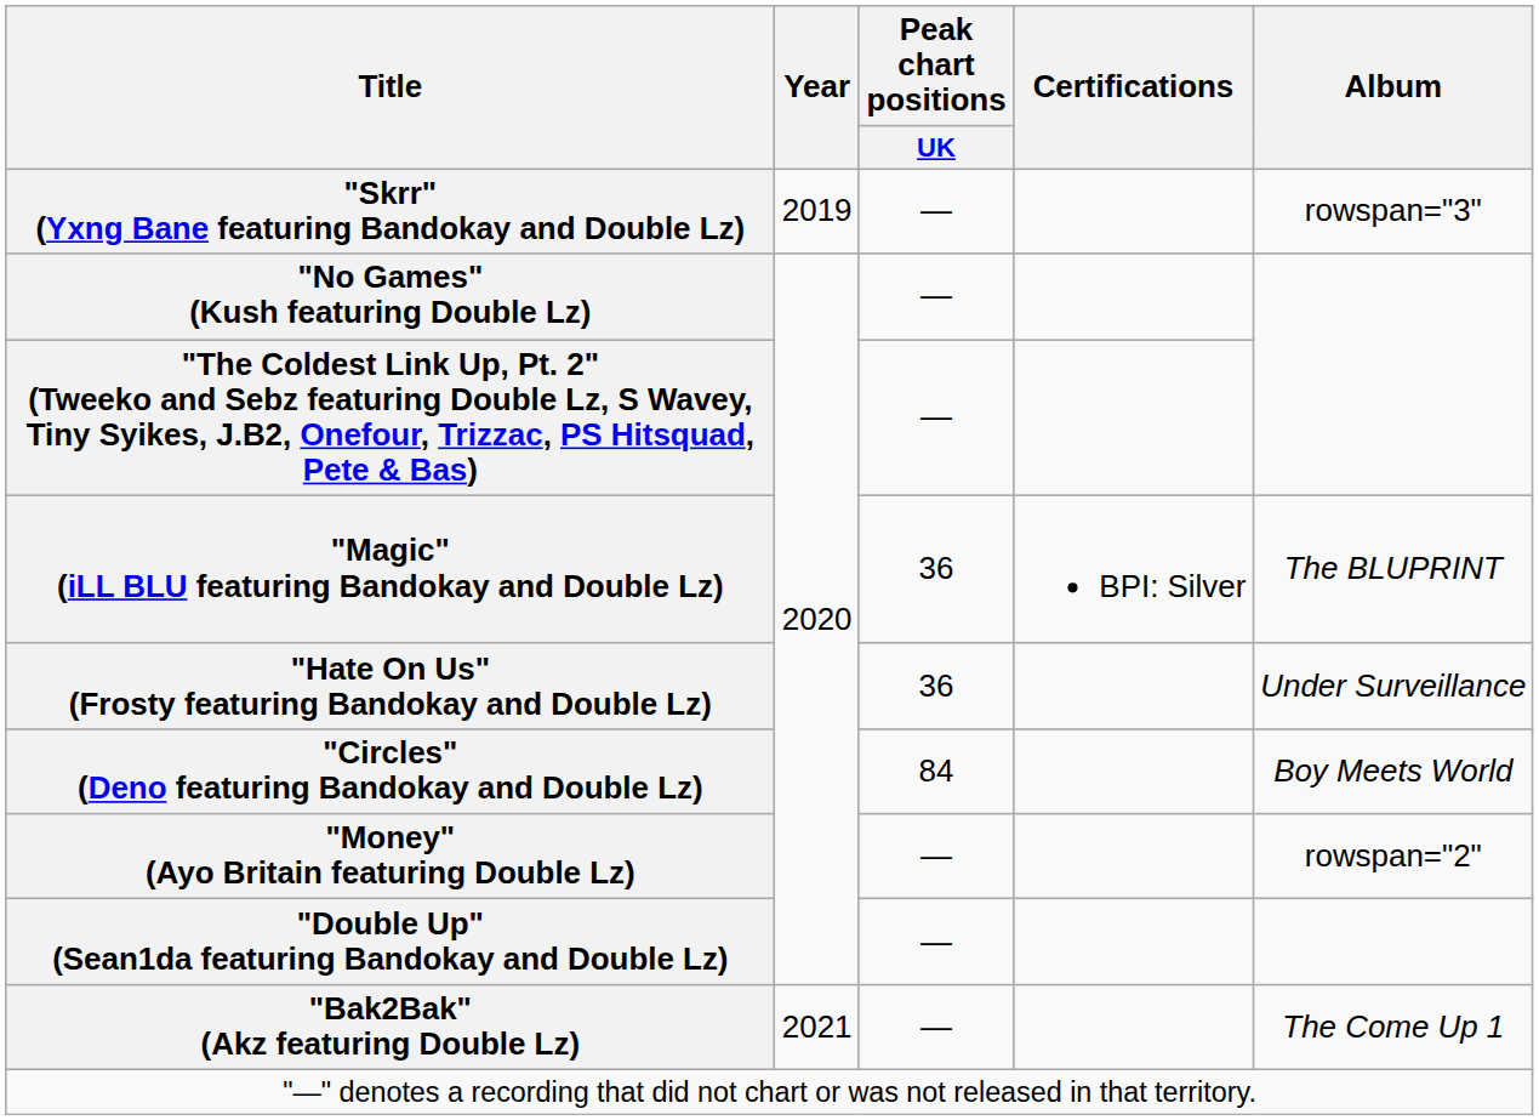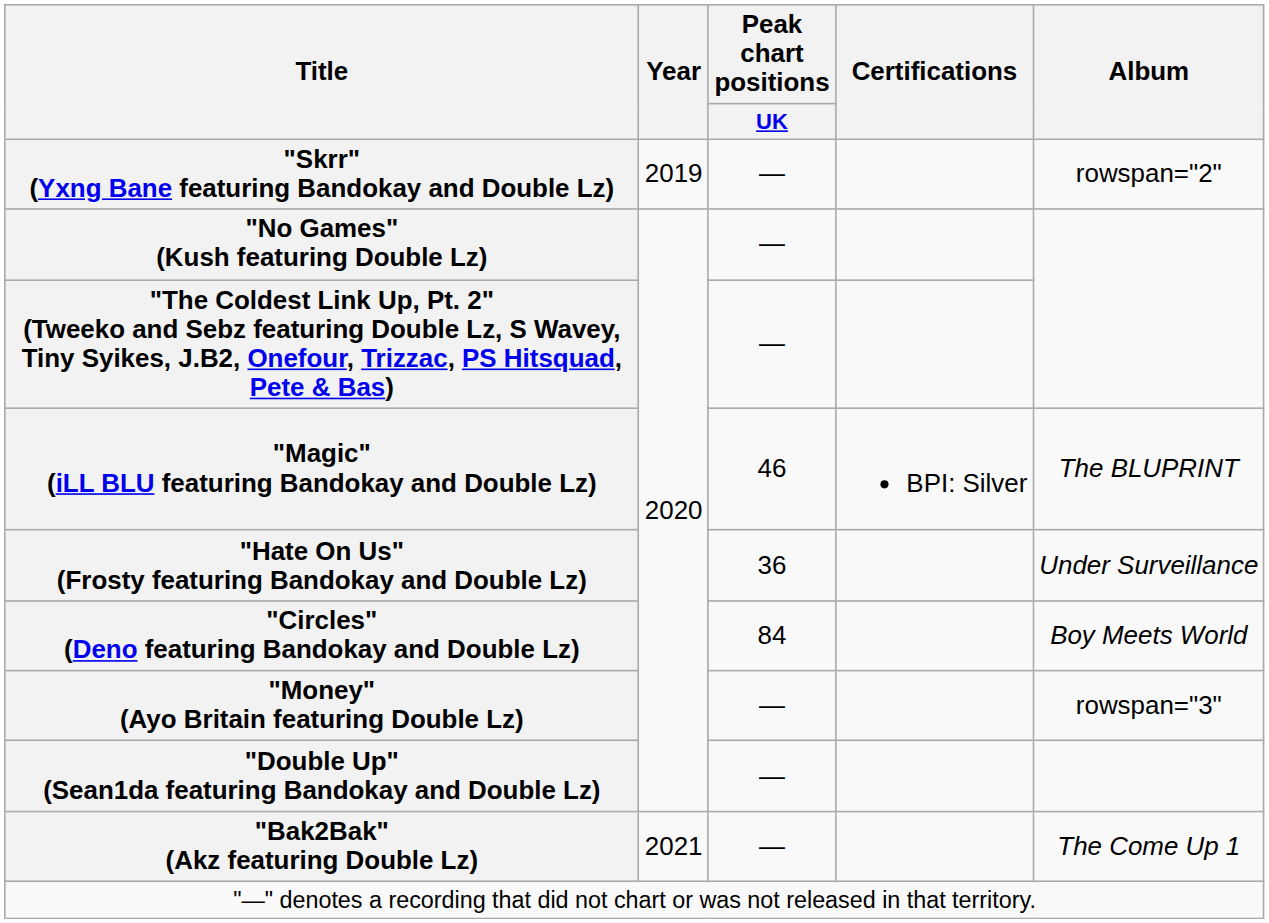 <table class="wikitable plainrowheaders" style="text-align:center;">
 <tr>
 <th scope="col" rowspan="2" style="width:24em;">Title</th>
 <th scope="col" rowspan="2" style="width:1em;">Year</th>
 <th scope="col" colspan="1">Peak chart positions</th>
 <th scope="col" rowspan="2">Certifications</th>
 <th scope="col" rowspan="2">Album</th>
 </tr>
 <tr>
 <th scope="col" style="width:3em;font-size:85%;"><a href='#'>UK</a><br></th>
 </tr>
 <tr>
 <th scope="row">"Skrr"<br><span>(<a href='#'>Yxng Bane</a> featuring Bandokay and Double Lz)</span></th>
 <td>2019</td>
 <td>—</td>
 <td></td>
-<td>rowspan="3" </td>
+<td>rowspan="2" </td>
 </tr>
 <tr>
 <th scope="row">"No Games"<br><span>(Kush featuring Double Lz)</span></th>
 <td rowspan="7">2020</td>
 <td>—</td>
 <td></td>
 </tr>
 <tr>
 <th scope="row">"The Coldest Link Up, Pt. 2"<br><span>(Tweeko and Sebz featuring Double Lz, S Wavey, Tiny Syikes, J.B2, <a href='#'>Onefour</a>, <a href='#'>Trizzac</a>, <a href='#'>PS Hitsquad</a>, <a href='#'>Pete & Bas</a>)</span></th>
 <td>—</td>
 <td></td>
 </tr>
 <tr>
 <th scope="row">"Magic"<br><span>(<a href='#'>iLL BLU</a> featuring Bandokay and Double Lz)</span></th>
-<td>36</td>
+<td>46</td>
 <td><br><ul><li>BPI: Silver</li></ul></td>
 <td><em>The BLUPRINT</em></td>
 </tr>
 <tr>
 <th scope="row">"Hate On Us"<br><span>(Frosty featuring Bandokay and Double Lz)</span></th>
 <td>36</td>
 <td></td>
 <td><em>Under Surveillance</em></td>
 </tr>
 <tr>
 <th scope="row">"Circles"<br><span>(<a href='#'>Deno</a> featuring Bandokay and Double Lz)</span></th>
 <td>84</td>
 <td></td>
 <td><em>Boy Meets World</em></td>
 </tr>
 <tr>
 <th scope="row">"Money"<br><span>(Ayo Britain featuring Double Lz)</span></th>
 <td>—</td>
 <td></td>
-<td>rowspan="2" </td>
+<td>rowspan="3" </td>
 </tr>
 <tr>
 <th scope="row">"Double Up"<br><span>(Sean1da featuring Bandokay and Double Lz)</span></th>
 <td>—</td>
 <td></td>
 </tr>
 <tr>
 <th scope="row">"Bak2Bak"<br><span>(Akz featuring Double Lz)</span></th>
 <td>2021</td>
 <td>—</td>
 <td></td>
 <td><em>The Come Up 1</em></td>
 </tr>
 <tr>
 <td colspan="10" style="font-size:90%">"—" denotes a recording that did not chart or was not released in that territory.</td>
 </tr>
 </table>
